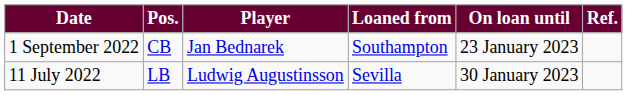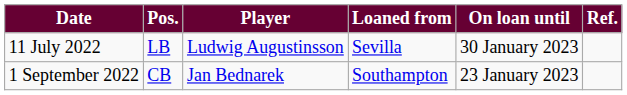 <table class="wikitable plainrowheaders sortable">
 <tr>
 <th style="background:#660033; color:#ffffff; ">Date</th>
 <th style="background:#660033; color:#ffffff; ">Pos.</th>
 <th style="background:#660033; color:#ffffff; ">Player</th>
 <th style="background:#660033; color:#ffffff; ">Loaned from</th>
 <th style="background:#660033; color:#ffffff; ">On loan until</th>
 <th style="background:#660033; color:#ffffff; ">Ref.</th>
 </tr>
 <tr>
+<td>11 July 2022</td>
+<td><a href='#'>LB</a></td>
+<td> <a href='#'>Ludwig Augustinsson</a></td>
+<td> <a href='#'>Sevilla</a></td>
+<td>30 January 2023</td>
+<td></td>
+</tr>
+<tr>
 <td>1 September 2022</td>
 <td><a href='#'>CB</a></td>
 <td> <a href='#'>Jan Bednarek</a></td>
 <td> <a href='#'>Southampton</a></td>
 <td>23 January 2023</td>
 <td></td>
 </tr>
-<tr>
-<td>11 July 2022</td>
-<td><a href='#'>LB</a></td>
-<td> <a href='#'>Ludwig Augustinsson</a></td>
-<td> <a href='#'>Sevilla</a></td>
-<td>30 January 2023</td>
-<td></td>
-</tr>
 </table>
